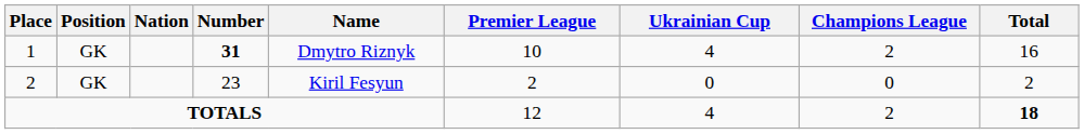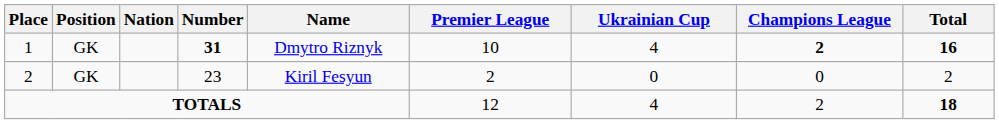 <table class="wikitable" style="font-size: 95%; text-align: center;">
 <tr>
 <th width=20>Place</th>
 <th width=20>Position</th>
 <th width=20>Nation</th>
 <th width=20>Number</th>
 <th width=150>Name</th>
 <th width=150><a href='#'>Premier League</a></th>
 <th width=150><a href='#'>Ukrainian Cup</a></th>
 <th width=150><a href='#'>Champions League</a></th>
 <th width=80>Total</th>
 </tr>
 <tr>
 <td>1</td>
 <td>GK</td>
 <td></td>
 <td><strong>31</strong></td>
 <td><a href='#'>Dmytro Riznyk</a></td>
 <td>10</td>
 <td>4</td>
-<td>2</td>
-<td>16</td>
+<td><strong>2</strong></td>
+<td><strong>16</strong></td>
 </tr>
 <tr>
 <td>2</td>
 <td>GK</td>
 <td></td>
 <td>23</td>
 <td><a href='#'>Kiril Fesyun</a></td>
 <td>2</td>
 <td>0</td>
 <td>0</td>
 <td>2</td>
 </tr>
 <tr>
 <td colspan="5"><strong>TOTALS</strong></td>
 <td>12</td>
 <td>4</td>
 <td>2</td>
 <td><strong>18</strong></td>
 </tr>
 </table>
